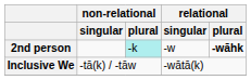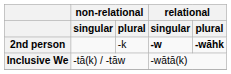 <table class="wikitable">
 <tr>
 <th></th>
 <th colspan=2>non-relational</th>
 <th colspan=2>relational</th>
 </tr>
 <tr>
 <th></th>
 <th>singular</th>
 <th>plural</th>
 <th>singular</th>
 <th>plural</th>
 </tr>
 <tr>
 <th>2nd person</th>
 <td></td>
-<td style="background: paleturquoise;">-k</td>
-<td>-w</td>
+<td>-k</td>
+<td><strong>-w</strong></td>
 <td><strong>-wāhk</strong></td>
 </tr>
 <tr>
 <th>Inclusive We</th>
 <td colspan=2>-tā(k) / -tāw</td>
 <td colspan=2>-wātā(k)</td>
 </tr>
 <tr>
 </tr>
 </table>
